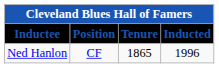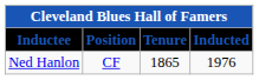 <table class="wikitable" style="text-align:center">
 <tr>
 <th colspan=4 style="background:#1955b5; color:#fff;">Cleveland Blues Hall of Famers</th>
 </tr>
 <tr>
 <th style="background:#000; color:#1955b5;">Inductee</th>
 <th style="background:#000; color:#1955b5;">Position</th>
 <th style="background:#000; color:#1955b5;">Tenure</th>
 <th style="background:#000; color:#1955b5;">Inducted</th>
 </tr>
 <tr>
 <td><a href='#'>Ned Hanlon</a></td>
 <td><a href='#'>CF</a></td>
 <td>1865</td>
-<td>1996</td>
+<td>1976</td>
 </tr>
 </table>
